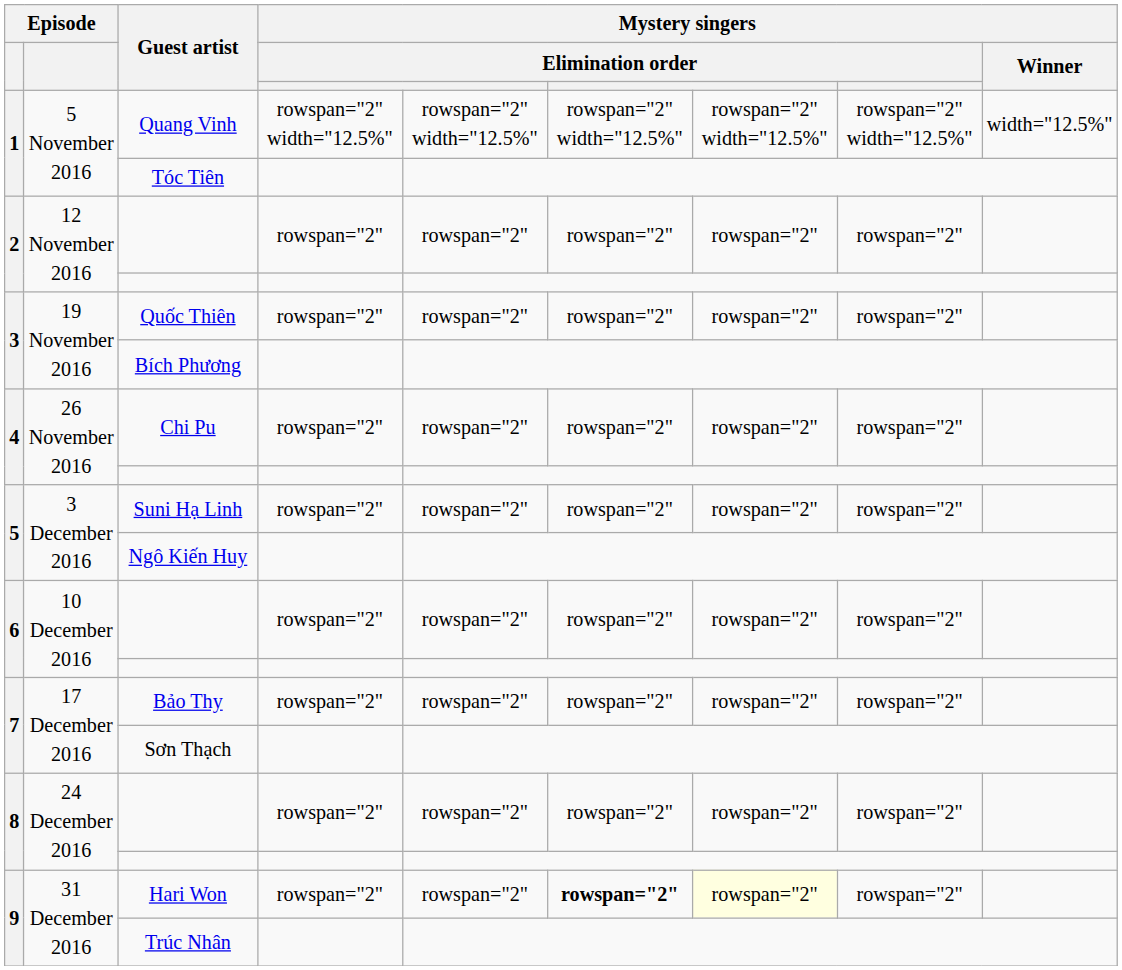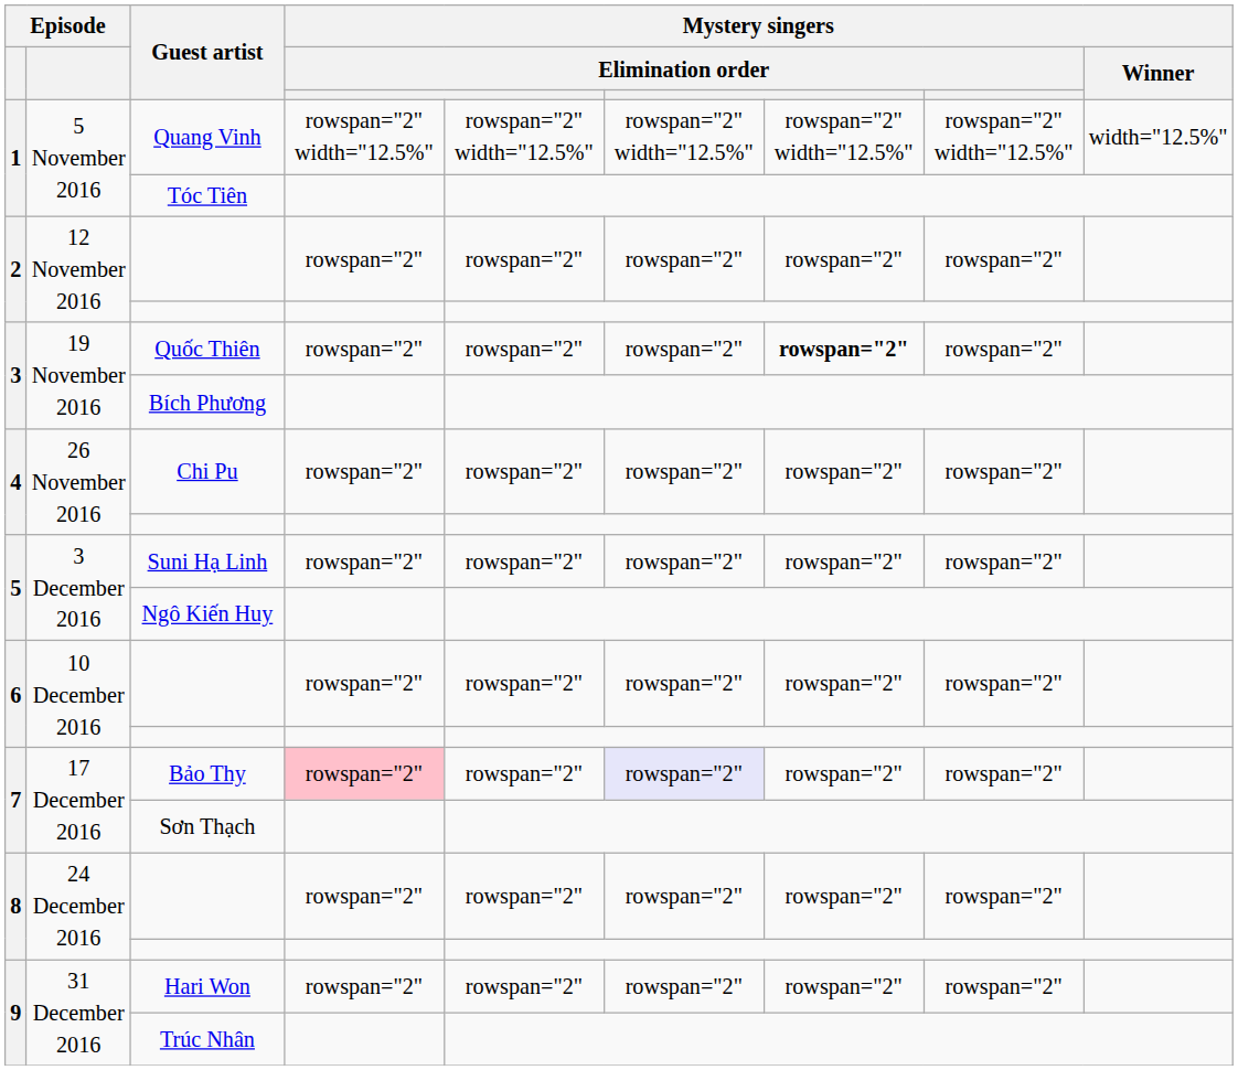 <table class="wikitable plainrowheaders mw-collapsible" style="text-align:center; line-height:23px; width:100%;">
 <tr>
 <th colspan="2" width="1%">Episode</th>
 <th rowspan="3" width="12.5%">Guest artist</th>
 <th colspan="6">Mystery singers<br></th>
 </tr>
 <tr>
 <th rowspan="2"></th>
 <th rowspan="2"></th>
 <th colspan="5">Elimination order</th>
 <th rowspan="2">Winner</th>
 </tr>
 <tr>
 <th colspan="2"></th>
 <th colspan="2"></th>
 <th></th>
 </tr>
 <tr>
 <th rowspan="2">1</th>
 <td rowspan="2">5 November 2016</td>
 <td><a href='#'>Quang Vinh</a></td>
 <td>rowspan="2" width="12.5%" </td>
 <td>rowspan="2" width="12.5%" </td>
 <td>rowspan="2" width="12.5%" </td>
 <td>rowspan="2" width="12.5%" </td>
 <td>rowspan="2" width="12.5%" </td>
 <td>width="12.5%" </td>
 </tr>
 <tr>
 <td><a href='#'>Tóc Tiên</a></td>
 <td></td>
 </tr>
 <tr>
 <th rowspan="2">2</th>
 <td rowspan="2">12 November 2016</td>
 <td></td>
 <td>rowspan="2" </td>
 <td>rowspan="2" </td>
 <td>rowspan="2" </td>
 <td>rowspan="2" </td>
 <td>rowspan="2" </td>
 <td></td>
 </tr>
 <tr>
 <td></td>
 <td></td>
 </tr>
 <tr>
 <th rowspan="2">3</th>
 <td rowspan="2">19 November 2016</td>
 <td><a href='#'>Quốc Thiên</a></td>
 <td>rowspan="2" </td>
 <td>rowspan="2" </td>
 <td>rowspan="2" </td>
-<td>rowspan="2" </td>
+<td><strong>rowspan="2" </strong></td>
 <td>rowspan="2" </td>
 <td></td>
 </tr>
 <tr>
 <td><a href='#'>Bích Phương</a></td>
 <td></td>
 </tr>
 <tr>
 <th rowspan="2">4</th>
 <td rowspan="2">26 November 2016</td>
 <td><a href='#'>Chi Pu</a></td>
 <td>rowspan="2" </td>
 <td>rowspan="2" </td>
 <td>rowspan="2" </td>
 <td>rowspan="2" </td>
 <td>rowspan="2" </td>
 <td></td>
 </tr>
 <tr>
 <td></td>
 <td></td>
 </tr>
 <tr>
 <th rowspan="2">5</th>
 <td rowspan="2">3 December 2016</td>
 <td><a href='#'>Suni Hạ Linh</a></td>
 <td>rowspan="2" </td>
 <td>rowspan="2" </td>
 <td>rowspan="2" </td>
 <td>rowspan="2" </td>
 <td>rowspan="2" </td>
 <td></td>
 </tr>
 <tr>
 <td><a href='#'>Ngô Kiến Huy</a></td>
 <td></td>
 </tr>
 <tr>
 <th rowspan="2">6</th>
 <td rowspan="2">10 December 2016</td>
 <td></td>
 <td>rowspan="2" </td>
 <td>rowspan="2" </td>
 <td>rowspan="2" </td>
 <td>rowspan="2" </td>
 <td>rowspan="2" </td>
 <td></td>
 </tr>
 <tr>
 <td></td>
 <td></td>
 </tr>
 <tr>
 <th rowspan="2">7</th>
 <td rowspan="2">17 December 2016</td>
 <td><a href='#'>Bảo Thy</a></td>
+<td style="background: pink;">rowspan="2" </td>
 <td>rowspan="2" </td>
-<td>rowspan="2" </td>
-<td>rowspan="2" </td>
+<td style="background: lavender;">rowspan="2" </td>
 <td>rowspan="2" </td>
 <td>rowspan="2" </td>
 <td></td>
 </tr>
 <tr>
 <td>Sơn Thạch<br></td>
 <td></td>
 </tr>
 <tr>
 <th rowspan="2">8</th>
 <td rowspan="2">24 December 2016</td>
 <td></td>
 <td>rowspan="2" </td>
 <td>rowspan="2" </td>
 <td>rowspan="2" </td>
 <td>rowspan="2" </td>
 <td>rowspan="2" </td>
 <td></td>
 </tr>
 <tr>
 <td></td>
 <td></td>
 </tr>
 <tr>
 <th rowspan="2">9</th>
 <td rowspan="2">31 December 2016</td>
 <td><a href='#'>Hari Won</a></td>
 <td>rowspan="2" </td>
 <td>rowspan="2" </td>
-<td><strong>rowspan="2" </strong></td>
-<td style="background: lightyellow;">rowspan="2" </td>
+<td>rowspan="2" </td>
+<td>rowspan="2" </td>
 <td>rowspan="2" </td>
 <td></td>
 </tr>
 <tr>
 <td><a href='#'>Trúc Nhân</a></td>
 <td></td>
 </tr>
 </table>
